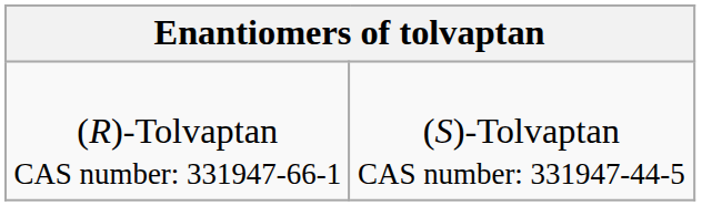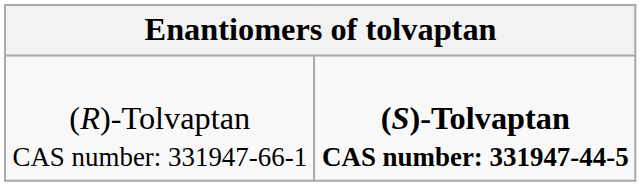 <table class="wikitable" style="text-align:center">
 <tr class="hintergrundfarbe6">
 <th colspan="2">Enantiomers of tolvaptan</th>
 </tr>
 <tr>
 <td><br>(<em>R</em>)-Tolvaptan<br><small>CAS number: 331947-66-1</small></td>
-<td><br>(<em>S</em>)-Tolvaptan<br><small>CAS number: 331947-44-5</small></td>
+<td><strong><br>(<em>S</em>)-Tolvaptan<br><small>CAS number: 331947-44-5</small></strong></td>
 </tr>
 </table>
